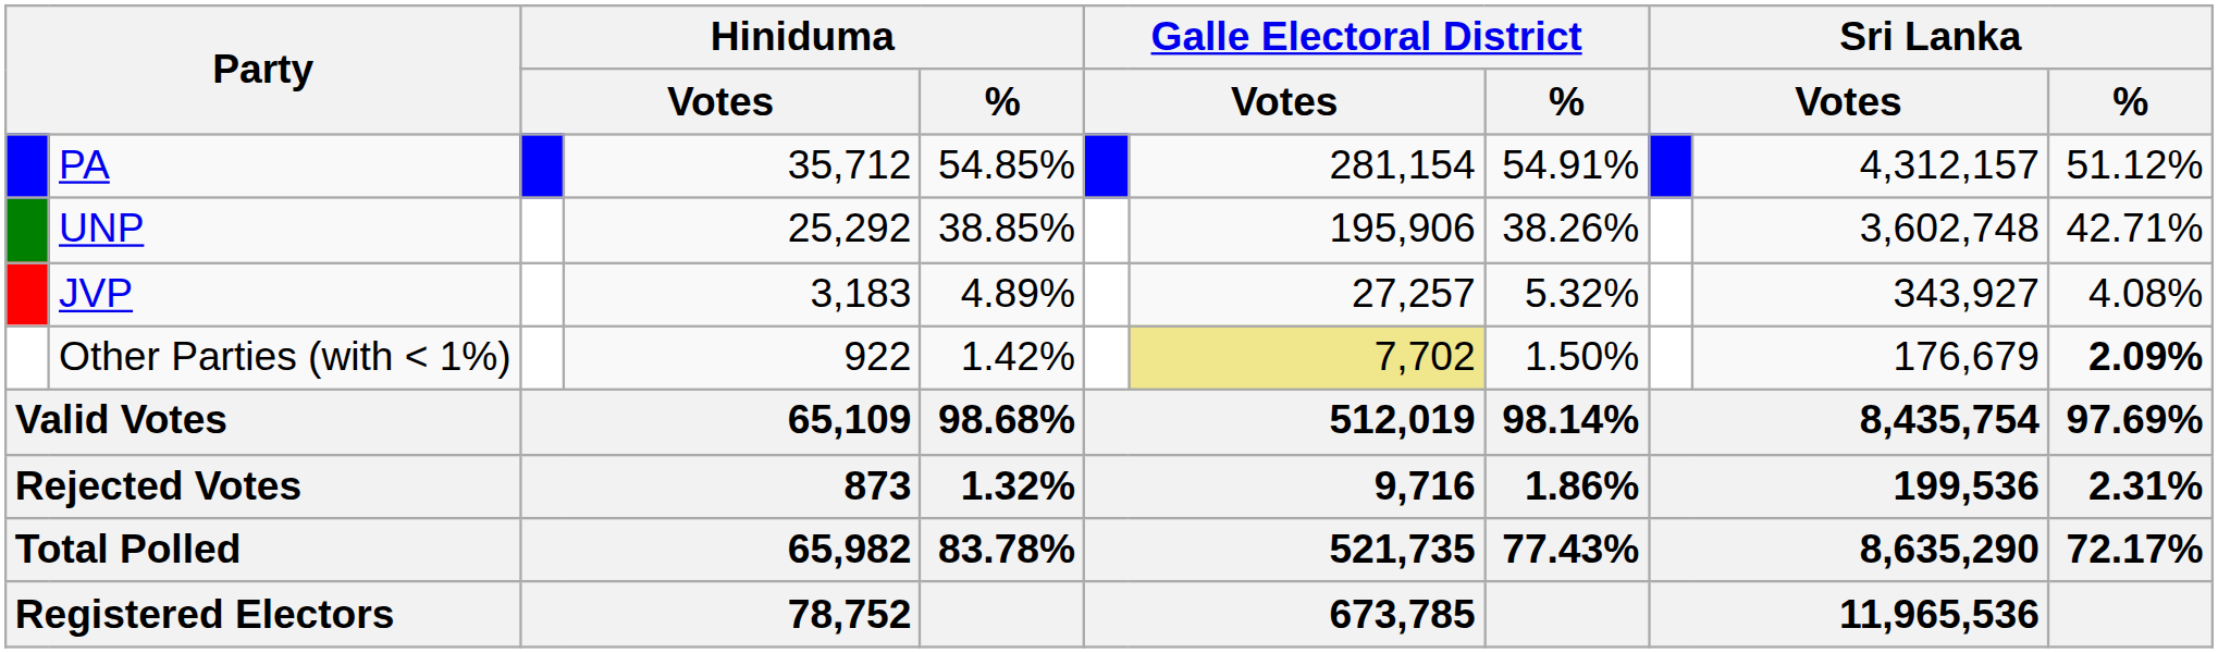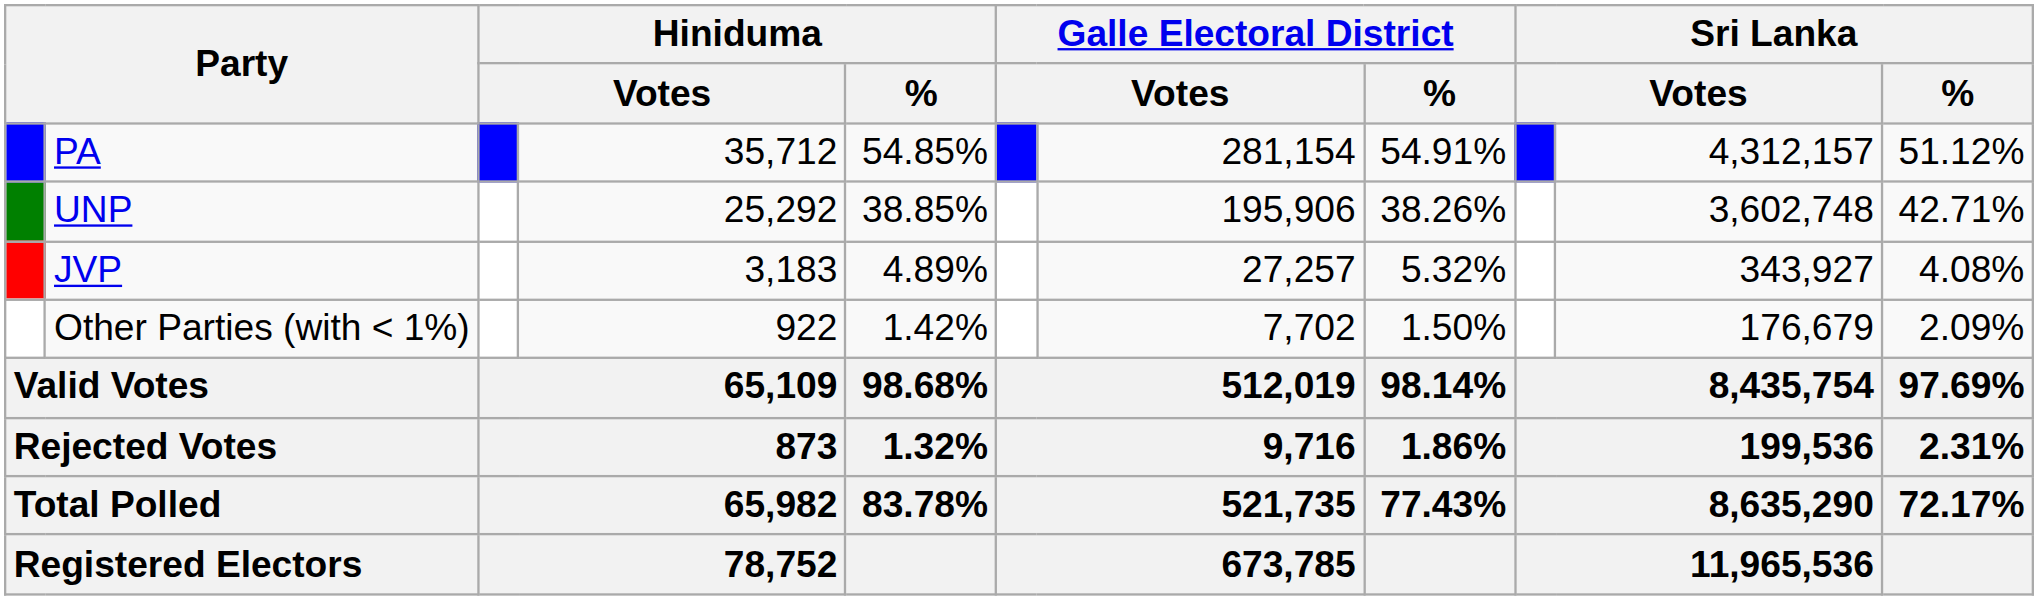 <table class="wikitable">
 <tr>
 <th colspan="2" width="144px"rowspan="2">Party</th>
 <th colspan="3" width="216px">Hiniduma</th>
 <th colspan="3" width="216px"><a href='#'>Galle Electoral District</a></th>
 <th colspan="3" width="216px">Sri Lanka</th>
 </tr>
 <tr>
 <th colspan="2" width="144px">Votes</th>
 <th>%</th>
 <th colspan="2" width="144px">Votes</th>
 <th>%</th>
 <th colspan="2" width="144px">Votes</th>
 <th>%</th>
 </tr>
 <tr>
 <td style="background-color:blue;" width="10px"></td>
 <td style="text-align:left;"><a href='#'>PA</a></td>
 <td style="background-color:blue;" width="10px"></td>
 <td style="text-align:right;">35,712</td>
 <td style="text-align:right;">54.85%</td>
 <td style="background-color:blue;" width="10px"></td>
 <td style="text-align:right;">281,154</td>
 <td style="text-align:right;">54.91%</td>
 <td style="background-color:blue;" width="10px"></td>
 <td style="text-align:right;">4,312,157</td>
 <td style="text-align:right;">51.12%</td>
 </tr>
 <tr>
 <td style="background-color:green;" width="10px"></td>
 <td style="text-align:left;"><a href='#'>UNP</a></td>
 <td style="background-color:white;" width="10px"></td>
 <td style="text-align:right;">25,292</td>
 <td style="text-align:right;">38.85%</td>
 <td style="background-color:white;" width="10px"></td>
 <td style="text-align:right;">195,906</td>
 <td style="text-align:right;">38.26%</td>
 <td style="background-color:white;" width="10px"></td>
 <td style="text-align:right;">3,602,748</td>
 <td style="text-align:right;">42.71%</td>
 </tr>
 <tr>
 <td style="background-color:red;" width="10px"></td>
 <td style="text-align:left;"><a href='#'>JVP</a></td>
 <td style="background-color:white;" width="10px"></td>
 <td style="text-align:right;">3,183</td>
 <td style="text-align:right;">4.89%</td>
 <td style="background-color:white;" width="10px"></td>
 <td style="text-align:right;">27,257</td>
 <td style="text-align:right;">5.32%</td>
 <td style="background-color:white;" width="10px"></td>
 <td style="text-align:right;">343,927</td>
 <td style="text-align:right;">4.08%</td>
 </tr>
 <tr>
 <td style="background-color:white;" width="10px"></td>
 <td style="text-align:left;">Other Parties (with < 1%)</td>
 <td style="background-color:white;" width="10px"></td>
 <td style="text-align:right;">922</td>
 <td style="text-align:right;">1.42%</td>
 <td style="background-color:white;" width="10px"></td>
-<td style="background: khaki; text-align:right;">7,702</td>
+<td style="text-align:right;">7,702</td>
 <td style="text-align:right;">1.50%</td>
 <td style="background-color:white;" width="10px"></td>
 <td style="text-align:right;">176,679</td>
-<td style="text-align:right;"><strong>2.09%</strong></td>
+<td style="text-align:right;">2.09%</td>
 </tr>
 <tr>
 <th colspan="2" width="144px"style="text-align:left;">Valid Votes</th>
 <th style="text-align:right;"colspan="2" width="144px">65,109</th>
 <th style="text-align:right;">98.68%</th>
 <th style="text-align:right;"colspan="2" width="144px">512,019</th>
 <th style="text-align:right;">98.14%</th>
 <th style="text-align:right;"colspan="2" width="144px">8,435,754</th>
 <th style="text-align:right;">97.69%</th>
 </tr>
 <tr>
 <th colspan="2" width="144px"style="text-align:left;">Rejected Votes</th>
 <th style="text-align:right;"colspan="2" width="144px">873</th>
 <th style="text-align:right;">1.32%</th>
 <th style="text-align:right;"colspan="2" width="144px">9,716</th>
 <th style="text-align:right;">1.86%</th>
 <th style="text-align:right;"colspan="2" width="144px">199,536</th>
 <th style="text-align:right;">2.31%</th>
 </tr>
 <tr>
 <th colspan="2" width="144px"style="text-align:left;">Total Polled</th>
 <th style="text-align:right;"colspan="2" width="144px">65,982</th>
 <th style="text-align:right;">83.78%</th>
 <th style="text-align:right;"colspan="2" width="144px">521,735</th>
 <th style="text-align:right;">77.43%</th>
 <th style="text-align:right;"colspan="2" width="144px">8,635,290</th>
 <th style="text-align:right;">72.17%</th>
 </tr>
 <tr>
 <th colspan="2" width="144px"style="text-align:left;">Registered Electors</th>
 <th style="text-align:right;"colspan="2" width="144px">78,752</th>
 <th></th>
 <th style="text-align:right;"colspan="2" width="144px">673,785</th>
 <th></th>
 <th style="text-align:right;"colspan="2" width="144px">11,965,536</th>
 <th></th>
 </tr>
 </table>
